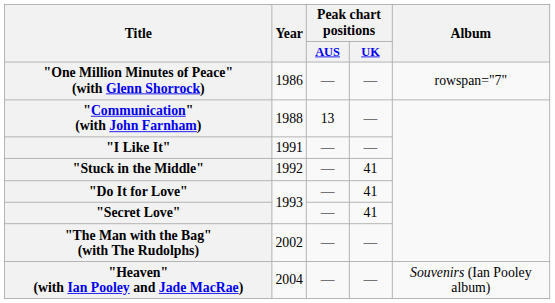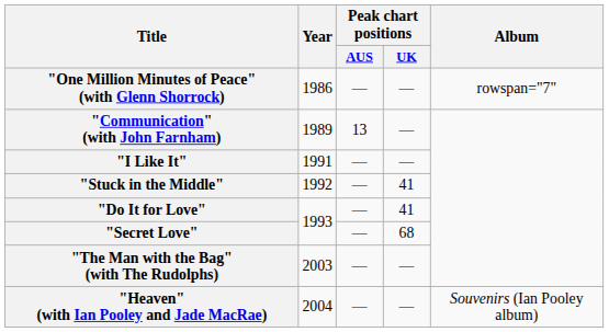 <table class="wikitable plainrowheaders" style="text-align:center;" border="1">
 <tr>
 <th scope="col" rowspan="2" style="width:19em;">Title</th>
 <th scope="col" rowspan="2" style="width:1em;">Year</th>
 <th scope="col" colspan="2">Peak chart positions</th>
 <th scope="col" rowspan="2" style="width:11em;">Album</th>
 </tr>
 <tr>
 <th scope="col" style="width:3em;font-size:90%;"><a href='#'>AUS</a><br></th>
 <th scope="col" style="width:3em;font-size:90%;"><a href='#'>UK</a><br></th>
 </tr>
 <tr>
 <th scope="row">"One Million Minutes of Peace" <br> (with <a href='#'>Glenn Shorrock</a>)</th>
 <td>1986</td>
 <td>—</td>
 <td>—</td>
 <td>rowspan="7" </td>
 </tr>
 <tr>
 <th scope="row">"<a href='#'>Communication</a>" <br> (with <a href='#'>John Farnham</a>)</th>
-<td>1988</td>
+<td>1989</td>
 <td>13</td>
 <td>—</td>
 </tr>
 <tr>
 <th scope="row">"I Like It"</th>
 <td>1991</td>
 <td>—</td>
 <td>—</td>
 </tr>
 <tr>
 <th scope="row">"Stuck in the Middle"</th>
 <td>1992</td>
 <td>—</td>
 <td>41</td>
 </tr>
 <tr>
 <th scope="row">"Do It for Love"</th>
 <td rowspan="2">1993</td>
 <td>—</td>
 <td>41</td>
 </tr>
 <tr>
 <th scope="row">"Secret Love"</th>
 <td>—</td>
-<td>41</td>
+<td>68</td>
 </tr>
 <tr>
 <th scope="row">"The Man with the Bag"<br> (with The Rudolphs)</th>
-<td>2002</td>
+<td>2003</td>
 <td>—</td>
 <td>—</td>
 </tr>
 <tr>
 <th scope="row">"Heaven"<br> (with <a href='#'>Ian Pooley</a> and <a href='#'>Jade MacRae</a>)</th>
 <td>2004</td>
 <td>—</td>
 <td>—</td>
 <td><em>Souvenirs</em> (Ian Pooley album)</td>
 </tr>
 </table>
